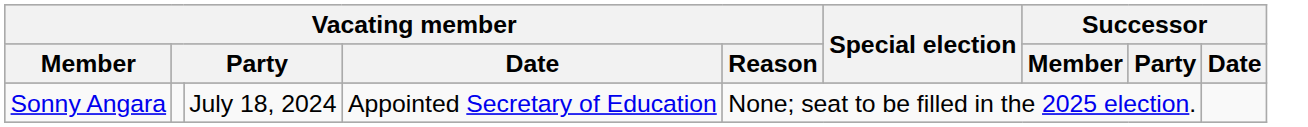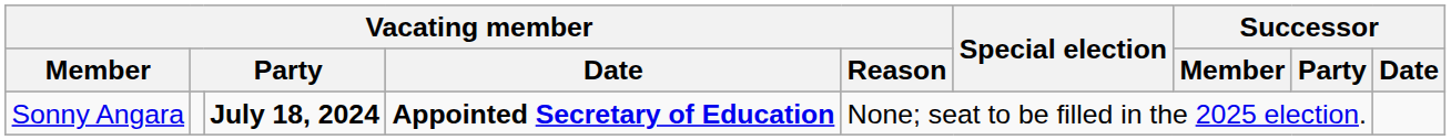 <table class="wikitable" style="font-size:95%;">
 <tr>
 <th colspan="5">Vacating member</th>
 <th rowspan="2">Special election</th>
 <th colspan="3">Successor</th>
 </tr>
 <tr>
 <th>Member</th>
 <th colspan="2">Party</th>
 <th>Date</th>
 <th>Reason</th>
 <th>Member</th>
 <th>Party</th>
 <th>Date</th>
 </tr>
 <tr>
 <td><a href='#'>Sonny Angara</a></td>
 <td></td>
-<td>July 18, 2024</td>
-<td>Appointed <a href='#'>Secretary of Education</a></td>
+<td><strong>July 18, 2024</strong></td>
+<td><strong>Appointed <a href='#'>Secretary of Education</a></strong></td>
 <td colspan="4">None; seat to be filled in the <a href='#'>2025 election</a>.</td>
 </tr>
 </table>
